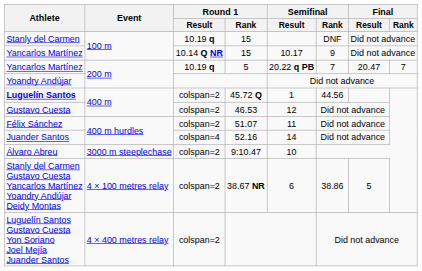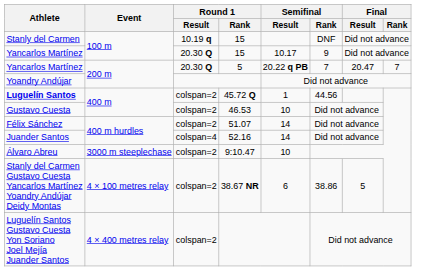 <table class=wikitable style="font-size:90%">
 <tr>
 <th rowspan="2">Athlete</th>
 <th rowspan="2">Event</th>
 <th colspan="2">Round 1</th>
 <th colspan="2">Semifinal</th>
 <th colspan="2">Final</th>
 </tr>
 <tr style="font-size:95%">
 <th>Result</th>
 <th>Rank</th>
 <th>Result</th>
 <th>Rank</th>
 <th>Result</th>
 <th>Rank</th>
 </tr>
 <tr align=center>
 <td align=left><a href='#'>Stanly del Carmen</a></td>
 <td align=left rowspan="2"><a href='#'>100 m</a></td>
 <td>10.19 <strong>q</strong></td>
 <td>15</td>
 <td></td>
 <td>DNF</td>
 <td colspan=2>Did not advance</td>
 </tr>
 <tr align=center>
 <td align=left><a href='#'>Yancarlos Martínez</a></td>
-<td>10.14 <strong>Q</strong> <strong><a href='#'>NR</a></strong></td>
+<td>20.30 <strong>Q</strong></td>
 <td>15</td>
 <td>10.17</td>
 <td>9</td>
 <td colspan=2>Did not advance</td>
 </tr>
 <tr align=center>
 <td align=left><a href='#'>Yancarlos Martínez</a></td>
 <td align=left rowspan="2"><a href='#'>200 m</a></td>
-<td>10.19 <strong>q</strong></td>
+<td>20.30 <strong>Q</strong></td>
 <td>5</td>
 <td>20.22 <strong>q</strong> <strong>PB</strong></td>
 <td>7</td>
 <td>20.47</td>
 <td>7</td>
 </tr>
 <tr align=center>
 <td align=left><a href='#'>Yoandry Andújar</a></td>
 <td colspan=2></td>
 <td colspan=4>Did not advance</td>
 </tr>
 <tr align=center>
 <td align=left><strong><a href='#'>Luguelín Santos</a> </strong></td>
 <td align=left rowspan="2"><a href='#'>400 m</a></td>
 <td>colspan=2 </td>
 <td>45.72 <strong>Q</strong></td>
 <td>1</td>
 <td>44.56</td>
 <td></td>
 </tr>
 <tr align=center>
 <td align=left><a href='#'>Gustavo Cuesta</a></td>
 <td>colspan=2 </td>
 <td>46.53</td>
-<td>12</td>
+<td>10</td>
 <td colspan=2>Did not advance</td>
 </tr>
 <tr align=center>
 <td align=left><a href='#'>Félix Sánchez</a></td>
 <td align=left rowspan="2"><a href='#'>400 m hurdles</a></td>
 <td>colspan=2 </td>
 <td>51.07</td>
-<td>11</td>
+<td>14</td>
 <td colspan=2>Did not advance</td>
 </tr>
 <tr align=center>
 <td align=left><a href='#'>Juander Santos</a></td>
 <td>colspan=4 </td>
 <td>52.16</td>
 <td>14</td>
 <td colspan=2>Did not advance</td>
 </tr>
 <tr align=center>
 <td align=left><a href='#'>Álvaro Abreu</a></td>
 <td align=left><a href='#'>3000 m steeplechase</a></td>
 <td>colspan=2 </td>
 <td>9:10.47</td>
 <td>10</td>
 </tr>
 <tr align=center>
 <td align=left><a href='#'>Stanly del Carmen</a><br><a href='#'>Gustavo Cuesta</a><br><a href='#'>Yancarlos Martínez</a><br><a href='#'>Yoandry Andújar</a><br><a href='#'>Deidy Montas</a></td>
 <td align=left><a href='#'>4 × 100 metres relay</a></td>
 <td>colspan=2 </td>
 <td>38.67 <strong>NR</strong></td>
 <td>6</td>
 <td>38.86</td>
 <td>5</td>
 </tr>
 <tr align=center>
 <td align=left><a href='#'>Luguelín Santos</a><br><a href='#'>Gustavo Cuesta</a><br><a href='#'>Yon Soriano</a><br><a href='#'>Joel Mejía</a><br><a href='#'>Juander Santos</a></td>
 <td align=left><a href='#'>4 × 400 metres relay</a></td>
 <td>colspan=2 </td>
 <td colspan=2></td>
 <td colspan=3>Did not advance</td>
 </tr>
 </table>
